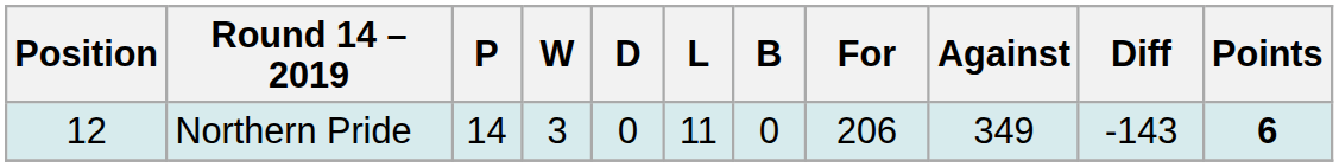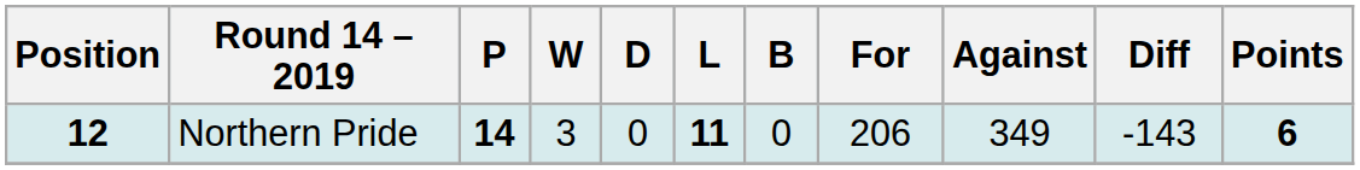 <table class="wikitable" style="text-align:center; font-size:85%;">
 <tr style="background: #d7ebed;">
 <th width="40" abbr="Position">Position</th>
 <th width="100">Round 14 – 2019</th>
 <th width="20" abbr="Played">P</th>
 <th width="20" abbr="Won">W</th>
 <th width="20" abbr="Drawn">D</th>
 <th width="20" abbr="Lost">L</th>
 <th width="20" abbr="Bye">B</th>
 <th width="40" abbr="Points for">For</th>
 <th width="40" abbr="Points against">Against</th>
 <th width="40" abbr="Points difference">Diff</th>
 <th width="40" abbr="Points">Points</th>
 </tr>
 <tr style="background: #d7ebed;">
-<td>12</td>
+<td><strong>12</strong></td>
 <td style="text-align:left;"> Northern Pride</td>
-<td>14</td>
+<td><strong>14</strong></td>
 <td>3</td>
 <td>0</td>
-<td>11</td>
+<td><strong>11</strong></td>
 <td>0</td>
 <td>206</td>
 <td>349</td>
 <td>-143</td>
 <td><strong>6</strong></td>
 </tr>
 <tr>
 </tr>
 </table>
